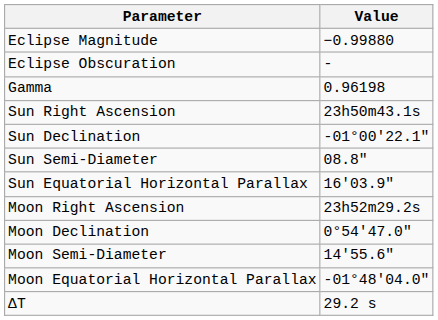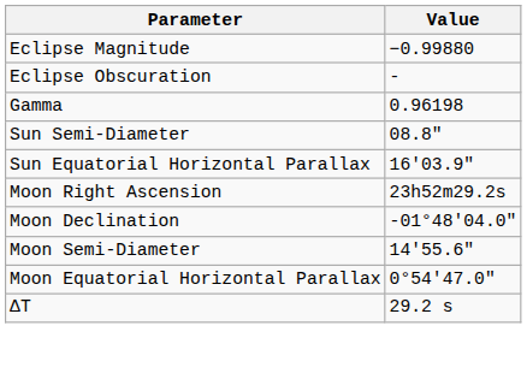 <table class="wikitable">
 <tr>
 <th>Parameter</th>
 <th>Value</th>
 </tr>
 <tr>
 <td>Eclipse Magnitude</td>
 <td>−0.99880</td>
 </tr>
 <tr>
 <td>Eclipse Obscuration</td>
 <td>-</td>
 </tr>
 <tr>
 <td>Gamma</td>
 <td>0.96198</td>
 </tr>
 <tr>
-<td>Sun Right Ascension</td>
-<td>23h50m43.1s</td>
-</tr>
-<tr>
-<td>Sun Declination</td>
-<td>-01°00'22.1"</td>
-</tr>
-<tr>
 <td>Sun Semi-Diameter</td>
 <td>08.8"</td>
 </tr>
 <tr>
 <td>Sun Equatorial Horizontal Parallax</td>
 <td>16'03.9"</td>
 </tr>
 <tr>
 <td>Moon Right Ascension</td>
 <td>23h52m29.2s</td>
 </tr>
 <tr>
 <td>Moon Declination</td>
-<td>0°54'47.0"</td>
+<td>-01°48'04.0"</td>
 </tr>
 <tr>
 <td>Moon Semi-Diameter</td>
 <td>14'55.6"</td>
 </tr>
 <tr>
 <td>Moon Equatorial Horizontal Parallax</td>
-<td>-01°48'04.0"</td>
+<td>0°54'47.0"</td>
 </tr>
 <tr>
 <td>ΔT</td>
 <td>29.2 s</td>
 </tr>
 </table>
